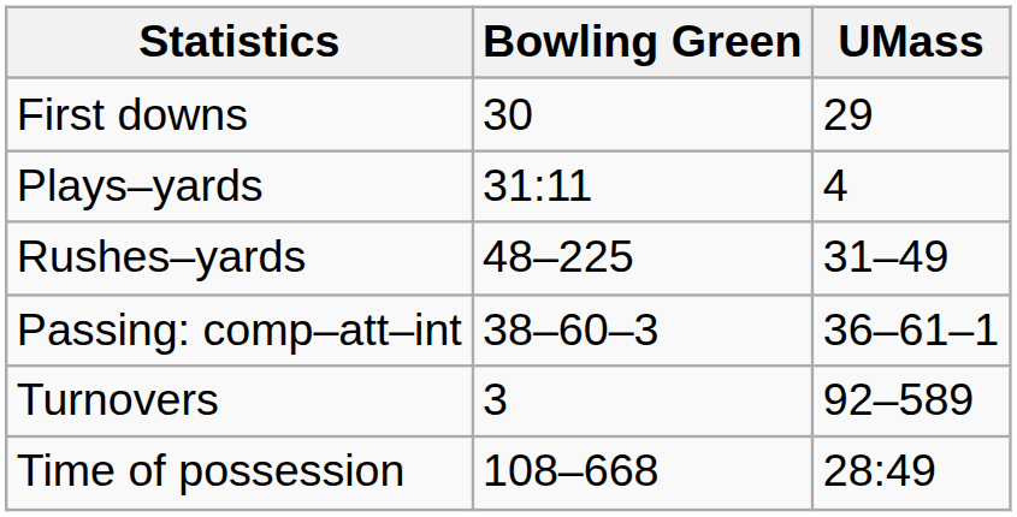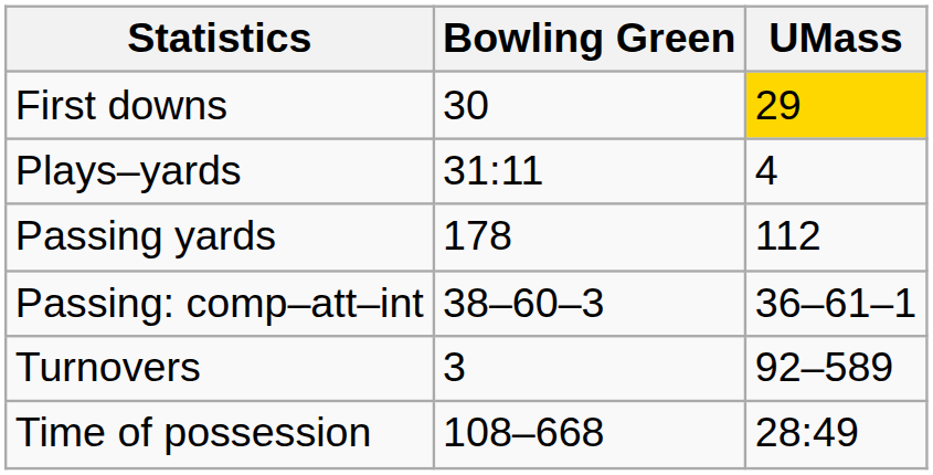 <table class="wikitable" style="float:left">
 <tr>
 <th>Statistics</th>
 <th>Bowling Green</th>
 <th>UMass</th>
 </tr>
 <tr>
 <td>First downs</td>
 <td>30</td>
-<td>29</td>
+<td style="background: gold;">29</td>
 </tr>
 <tr>
 <td>Plays–yards</td>
 <td>31:11</td>
 <td>4</td>
 </tr>
 <tr>
-<td>Rushes–yards</td>
-<td>48–225</td>
-<td>31–49</td>
+<td>Passing yards</td>
+<td>178</td>
+<td>112</td>
 </tr>
 <tr>
 <td>Passing: comp–att–int</td>
 <td>38–60–3</td>
 <td>36–61–1</td>
 </tr>
 <tr>
 <td>Turnovers</td>
 <td>3</td>
 <td>92–589</td>
 </tr>
 <tr>
 <td>Time of possession</td>
 <td>108–668</td>
 <td>28:49</td>
 </tr>
 </table>
